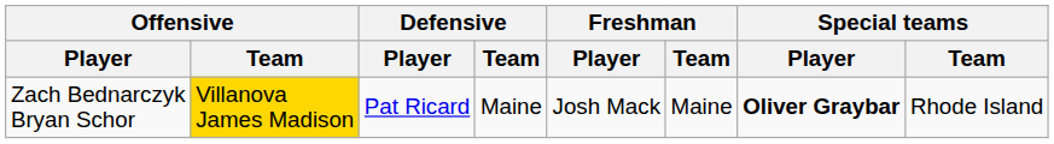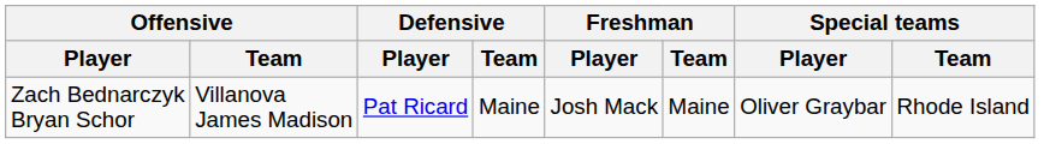 <table class="wikitable" border="1">
 <tr>
 <th colspan="2">Offensive</th>
 <th colspan="2">Defensive</th>
 <th colspan="2">Freshman</th>
 <th colspan="2">Special teams</th>
 </tr>
 <tr>
 <th>Player</th>
 <th>Team</th>
 <th>Player</th>
 <th>Team</th>
 <th>Player</th>
 <th>Team</th>
 <th>Player</th>
 <th>Team</th>
 </tr>
 <tr>
 <td>Zach Bednarczyk<br>Bryan Schor</td>
-<td style="background: gold;">Villanova<br>James Madison</td>
+<td>Villanova<br>James Madison</td>
 <td><a href='#'>Pat Ricard</a></td>
 <td>Maine</td>
 <td>Josh Mack</td>
 <td>Maine</td>
-<td><strong>Oliver Graybar</strong></td>
+<td>Oliver Graybar</td>
 <td>Rhode Island</td>
 </tr>
 </table>
